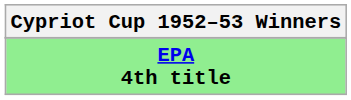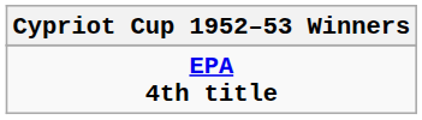 <table class="wikitable" style="text-align:center;margin: 0 auto;">
 <tr>
 <th>Cypriot Cup 1952–53 Winners</th>
 </tr>
 <tr>
 </tr>
 <tr>
-<td style="background: lightgreen;"><strong><a href='#'>EPA</a></strong><br><strong>4th title</strong></td>
+<td><strong><a href='#'>EPA</a></strong><br><strong>4th title</strong></td>
 </tr>
 </table>
